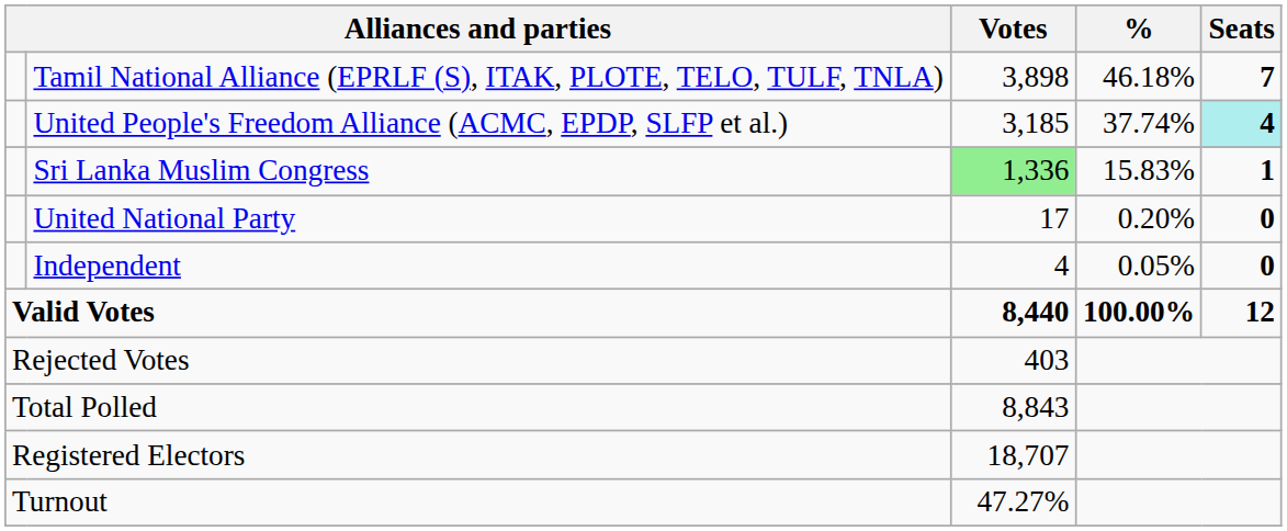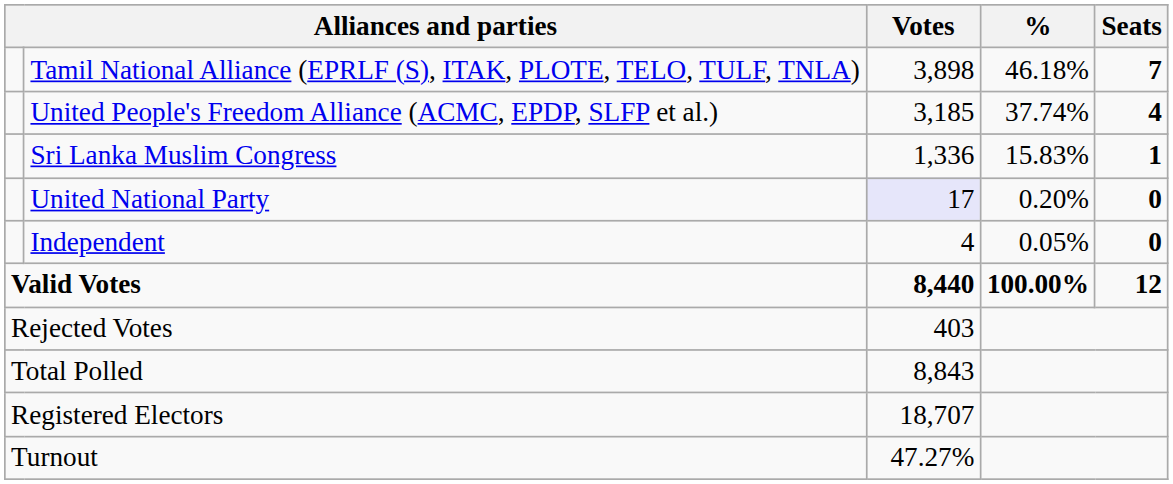 <table class="wikitable" border="1" style="text-align:right;">
 <tr>
 <th valign=bottom align=left colspan=2>Alliances and parties</th>
 <th valign=bottom align=center width="60">Votes</th>
 <th valign=bottom align=center width="50">%</th>
 <th valign=bottom align=center>Seats</th>
 </tr>
 <tr>
 <td bgcolor=> </td>
 <td align=left><a href='#'>Tamil National Alliance</a> (<a href='#'>EPRLF (S)</a>, <a href='#'>ITAK</a>, <a href='#'>PLOTE</a>, <a href='#'>TELO</a>, <a href='#'>TULF</a>, <a href='#'>TNLA</a>)</td>
 <td>3,898</td>
 <td>46.18%</td>
 <td><strong>7</strong></td>
 </tr>
 <tr>
 <td bgcolor=> </td>
 <td align=left><a href='#'>United People's Freedom Alliance</a> (<a href='#'>ACMC</a>, <a href='#'>EPDP</a>, <a href='#'>SLFP</a> et al.)</td>
 <td>3,185</td>
 <td>37.74%</td>
-<td style="background: paleturquoise;"><strong>4</strong></td>
+<td><strong>4</strong></td>
 </tr>
 <tr>
 <td bgcolor=> </td>
 <td align=left><a href='#'>Sri Lanka Muslim Congress</a></td>
-<td style="background: lightgreen;">1,336</td>
+<td>1,336</td>
 <td>15.83%</td>
 <td><strong>1</strong></td>
 </tr>
 <tr>
 <td bgcolor=> </td>
 <td align=left><a href='#'>United National Party</a></td>
-<td>17</td>
+<td style="background: lavender;">17</td>
 <td>0.20%</td>
 <td><strong>0</strong></td>
 </tr>
 <tr>
 <td></td>
 <td align=left><a href='#'>Independent</a></td>
 <td>4</td>
 <td>0.05%</td>
 <td><strong>0</strong></td>
 </tr>
 <tr>
 <td colspan=2 align=left><strong>Valid Votes</strong></td>
 <td><strong>8,440</strong></td>
 <td><strong>100.00%</strong></td>
 <td><strong>12</strong></td>
 </tr>
 <tr>
 <td colspan=2 align=left>Rejected Votes</td>
 <td>403</td>
 <td colspan=2></td>
 </tr>
 <tr>
 <td colspan=2 align=left>Total Polled</td>
 <td>8,843</td>
 <td colspan=2></td>
 </tr>
 <tr>
 <td colspan=2 align=left>Registered Electors</td>
 <td>18,707</td>
 <td colspan=2></td>
 </tr>
 <tr>
 <td colspan=2 align=left>Turnout</td>
 <td>47.27%</td>
 <td colspan=2></td>
 </tr>
 </table>
